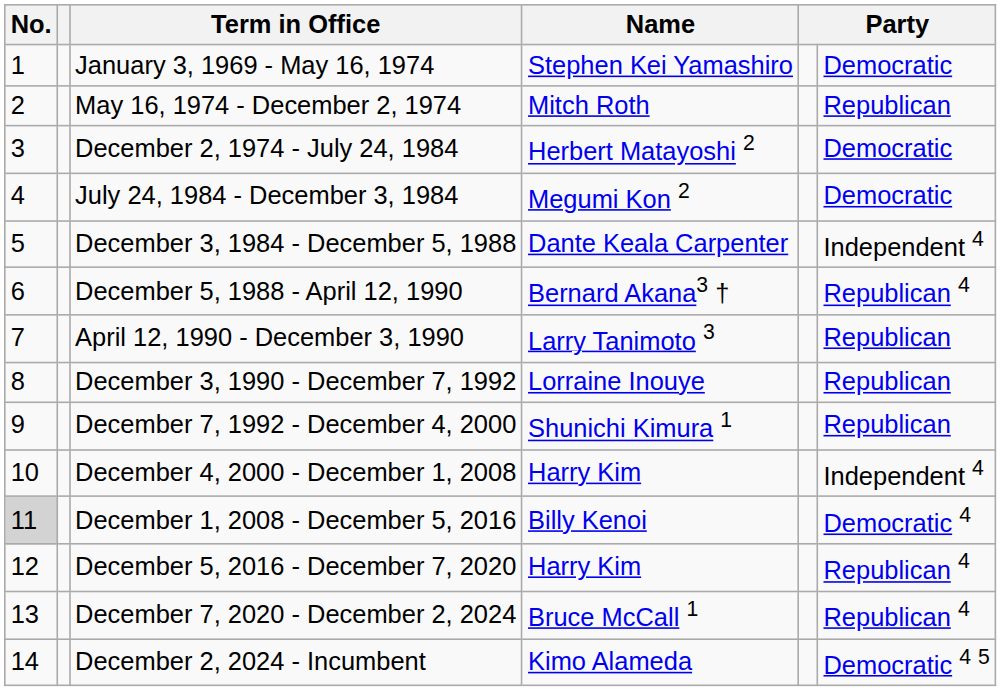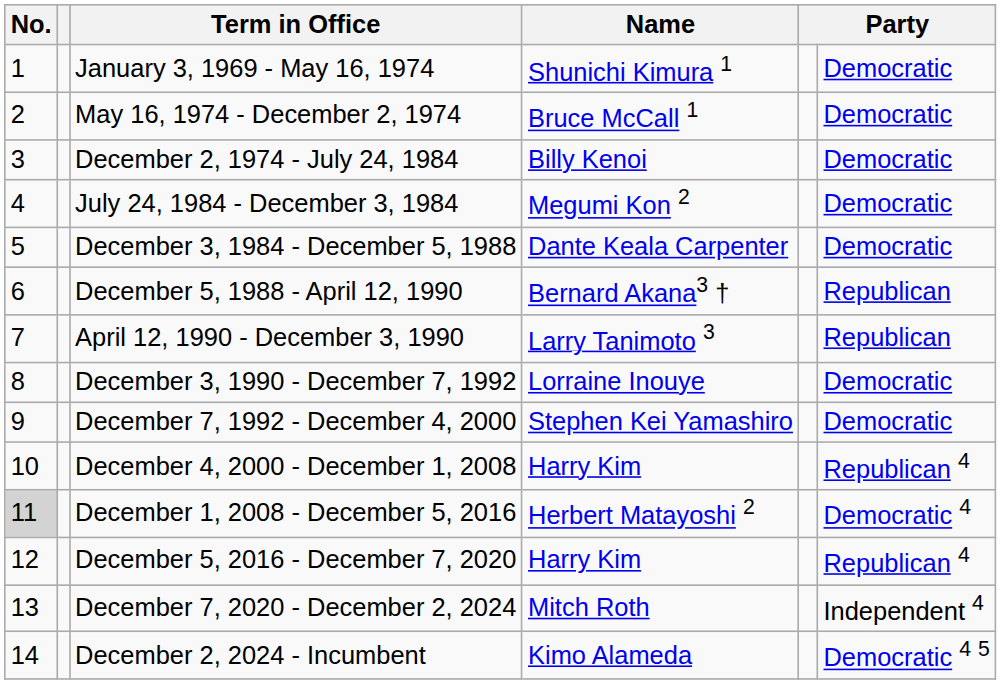 <table class=wikitable>
 <tr>
 <th>No.</th>
 <th></th>
 <th>Term in Office</th>
 <th>Name</th>
 <th colspan="2">Party</th>
 </tr>
 <tr>
 <td>1</td>
 <td></td>
 <td>January 3, 1969 - May 16, 1974</td>
-<td><a href='#'>Stephen Kei Yamashiro</a></td>
+<td><a href='#'>Shunichi Kimura</a> <sup>1</sup></td>
 <td style="background:"> </td>
 <td><a href='#'>Democratic</a></td>
 </tr>
 <tr>
 <td>2</td>
 <td></td>
 <td>May 16, 1974 - December 2, 1974</td>
-<td><a href='#'>Mitch Roth</a></td>
+<td><a href='#'>Bruce McCall</a> <sup>1</sup></td>
 <td style="background:"> </td>
-<td><a href='#'>Republican</a></td>
+<td><a href='#'>Democratic</a></td>
 </tr>
 <tr>
 <td>3</td>
 <td></td>
 <td>December 2, 1974 - July 24, 1984</td>
-<td><a href='#'>Herbert Matayoshi</a> <sup>2</sup></td>
+<td><a href='#'>Billy Kenoi</a></td>
 <td style="background:"> </td>
 <td><a href='#'>Democratic</a></td>
 </tr>
 <tr>
 <td>4</td>
 <td></td>
 <td>July 24, 1984 - December 3, 1984</td>
 <td><a href='#'>Megumi Kon</a> <sup>2</sup></td>
 <td style="background:"> </td>
 <td><a href='#'>Democratic</a></td>
 </tr>
 <tr>
 <td>5</td>
 <td></td>
 <td>December 3, 1984 - December 5, 1988</td>
 <td><a href='#'>Dante Keala Carpenter</a></td>
 <td style="background:"> </td>
-<td>Independent <sup>4</sup></td>
+<td><a href='#'>Democratic</a></td>
 </tr>
 <tr>
 <td>6</td>
 <td></td>
 <td>December 5, 1988 - April 12, 1990</td>
 <td><a href='#'>Bernard Akana</a><sup>3</sup> †</td>
 <td style="background:"> </td>
-<td><a href='#'>Republican</a> <sup>4</sup></td>
+<td><a href='#'>Republican</a></td>
 </tr>
 <tr>
 <td>7</td>
 <td></td>
 <td>April 12, 1990 - December 3, 1990</td>
 <td><a href='#'>Larry Tanimoto</a> <sup>3</sup></td>
 <td style="background:"> </td>
 <td><a href='#'>Republican</a></td>
 </tr>
 <tr>
 <td>8</td>
 <td></td>
 <td>December 3, 1990 - December 7, 1992</td>
 <td><a href='#'>Lorraine Inouye</a></td>
 <td style="background:"> </td>
-<td><a href='#'>Republican</a></td>
+<td><a href='#'>Democratic</a></td>
 </tr>
 <tr>
 <td>9</td>
 <td></td>
 <td>December 7, 1992 - December 4, 2000</td>
-<td><a href='#'>Shunichi Kimura</a> <sup>1</sup></td>
+<td><a href='#'>Stephen Kei Yamashiro</a></td>
 <td style="background:"> </td>
-<td><a href='#'>Republican</a></td>
+<td><a href='#'>Democratic</a></td>
 </tr>
 <tr>
 <td>10</td>
 <td></td>
 <td>December 4, 2000 - December 1, 2008</td>
 <td><a href='#'>Harry Kim</a></td>
 <td style="background:"> </td>
-<td>Independent <sup>4</sup></td>
+<td><a href='#'>Republican</a> <sup>4</sup></td>
 </tr>
 <tr>
 <td style="background: lightgrey;">11</td>
 <td></td>
 <td>December 1, 2008 - December 5, 2016</td>
-<td><a href='#'>Billy Kenoi</a></td>
+<td><a href='#'>Herbert Matayoshi</a> <sup>2</sup></td>
 <td style="background:"> </td>
 <td><a href='#'>Democratic</a> <sup>4</sup></td>
 </tr>
 <tr>
 <td>12</td>
 <td></td>
 <td>December 5, 2016 - December 7, 2020</td>
 <td><a href='#'>Harry Kim</a></td>
 <td style="background:"> </td>
 <td><a href='#'>Republican</a> <sup>4</sup></td>
 </tr>
 <tr>
 <td>13</td>
 <td></td>
 <td>December 7, 2020 - December 2, 2024</td>
-<td><a href='#'>Bruce McCall</a> <sup>1</sup></td>
+<td><a href='#'>Mitch Roth</a></td>
 <td style="background:"> </td>
-<td><a href='#'>Republican</a> <sup>4</sup></td>
+<td>Independent <sup>4</sup></td>
 </tr>
 <tr>
 <td>14</td>
 <td></td>
 <td>December 2, 2024 - Incumbent</td>
 <td><a href='#'>Kimo Alameda</a></td>
 <td style="background:"> </td>
 <td><a href='#'>Democratic</a> <sup>4</sup> <sup>5</sup></td>
 </tr>
 </table>
